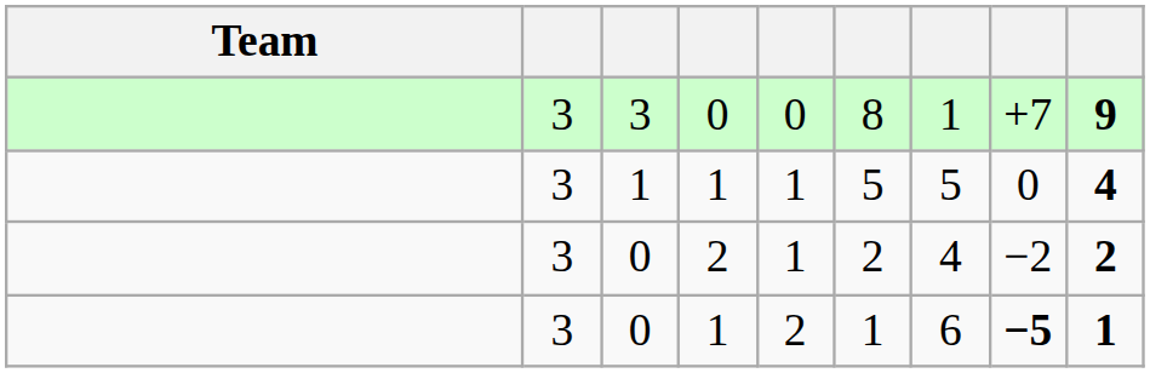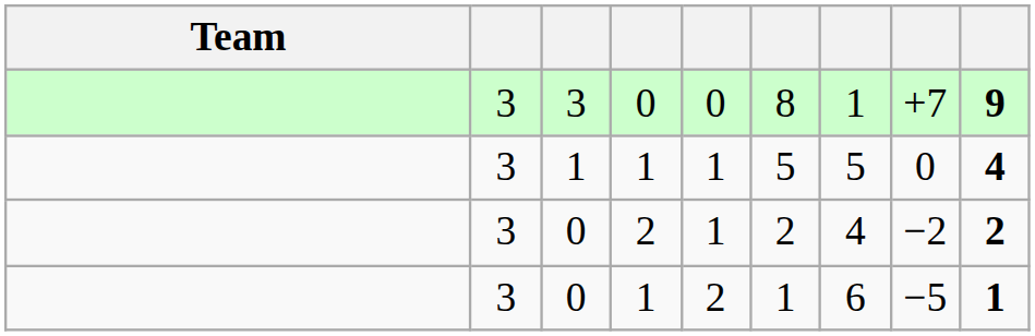 <table class="wikitable" style="text-align: center;">
 <tr>
 <th width="175">Team</th>
 <th width="20"></th>
 <th width="20"></th>
 <th width="20"></th>
 <th width="20"></th>
 <th width="20"></th>
 <th width="20"></th>
 <th width="20"></th>
 <th width="20"></th>
 </tr>
 <tr bgcolor=ccffcc>
 <td align=left></td>
 <td>3</td>
 <td>3</td>
 <td>0</td>
 <td>0</td>
 <td>8</td>
 <td>1</td>
 <td>+7</td>
 <td><strong>9</strong></td>
 </tr>
 <tr>
 <td align=left></td>
 <td>3</td>
 <td>1</td>
 <td>1</td>
 <td>1</td>
 <td>5</td>
 <td>5</td>
 <td>0</td>
 <td><strong>4</strong></td>
 </tr>
 <tr>
 <td align=left></td>
 <td>3</td>
 <td>0</td>
 <td>2</td>
 <td>1</td>
 <td>2</td>
 <td>4</td>
 <td>−2</td>
 <td><strong>2</strong></td>
 </tr>
 <tr>
 <td align=left><em></em></td>
 <td>3</td>
 <td>0</td>
 <td>1</td>
 <td>2</td>
 <td>1</td>
 <td>6</td>
-<td><strong>−5</strong></td>
+<td>−5</td>
 <td><strong>1</strong></td>
 </tr>
 </table>
